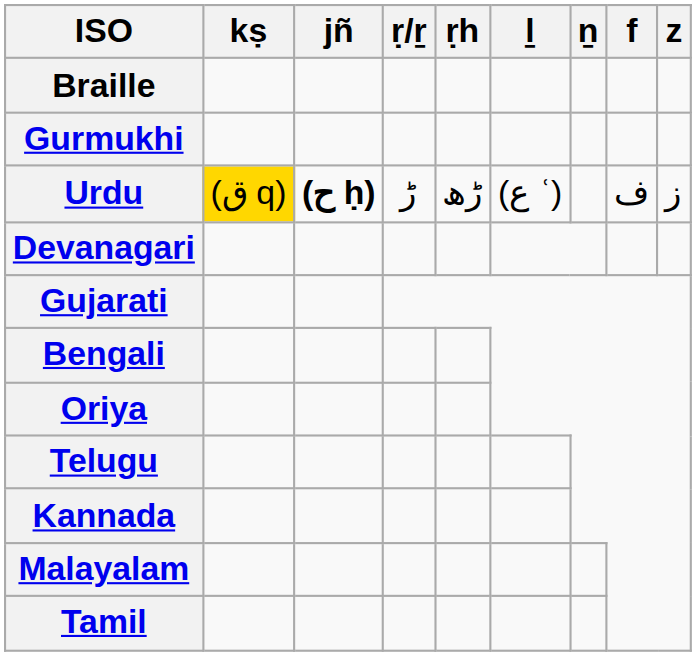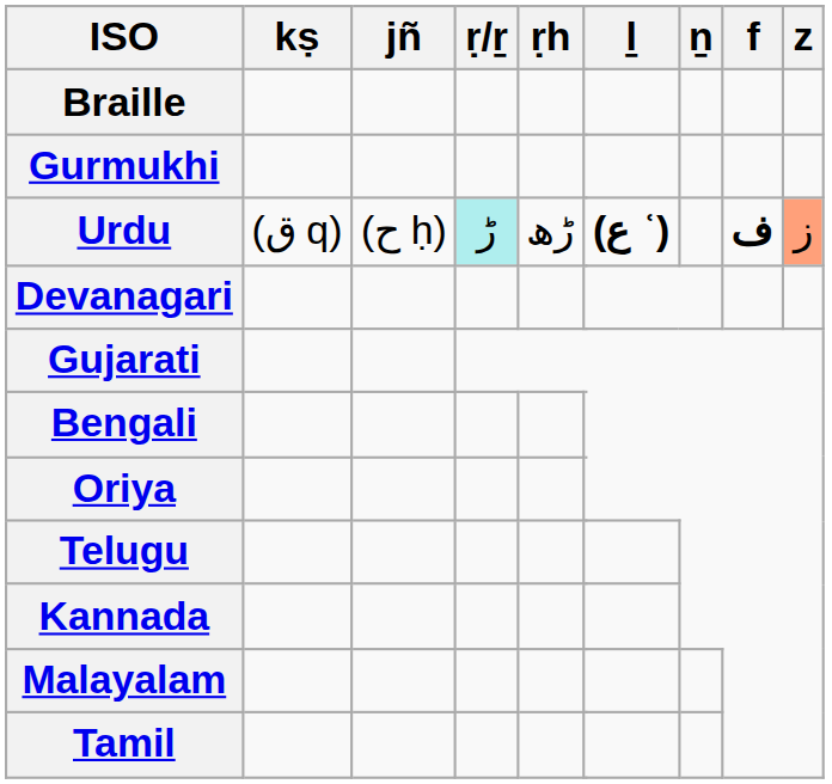 <table class="wikitable Unicode" style="text-align:center;">
 <tr>
 <th>ISO</th>
 <th>kṣ</th>
 <th>jñ</th>
 <th>ṛ/ṟ</th>
 <th colspan=2>ṛh</th>
 <th>ḻ</th>
 <th>ṉ</th>
 <th>f</th>
 <th>z</th>
 </tr>
 <tr>
 <th>Braille</th>
 <td></td>
 <td></td>
 <td></td>
 <td colspan=2></td>
 <td></td>
 <td></td>
 <td></td>
 <td></td>
 </tr>
 <tr>
 <th><a href='#'>Gurmukhi</a></th>
 <td></td>
 <td></td>
 <td></td>
 <td colspan=2></td>
 <td></td>
 <td></td>
 <td></td>
 <td></td>
 </tr>
 <tr>
 <th><a href='#'>Urdu</a></th>
-<td style="background: gold;">(ق‎ q)</td>
-<td><strong>(ح‎ ḥ)</strong></td>
-<td>ڑ</td>
+<td>(ق‎ q)</td>
+<td>(ح‎ ḥ)</td>
+<td style="background: paleturquoise;">ڑ</td>
 <td colspan=2>ڑھ</td>
-<td>(ع‎ ʿ)</td>
+<td><strong>(ع‎ ʿ)</strong></td>
 <td></td>
-<td>ف</td>
-<td>ز</td>
+<td><strong>ف</strong></td>
+<td style="background: lightsalmon;">ز</td>
 </tr>
 <tr>
 <th><a href='#'>Devanagari</a></th>
 <td></td>
 <td></td>
 <td></td>
 <td colspan=2></td>
 <td colspan=2></td>
 <td></td>
 <td></td>
 </tr>
 <tr>
 <th><a href='#'>Gujarati</a></th>
 <td></td>
 <td></td>
 </tr>
 <tr>
 <th><a href='#'>Bengali</a></th>
 <td></td>
 <td></td>
 <td></td>
 <td colspan=2></td>
 </tr>
 <tr>
 <th><a href='#'>Oriya</a></th>
 <td></td>
 <td></td>
 <td></td>
 <td colspan=2></td>
 </tr>
 <tr>
 <th><a href='#'>Telugu</a></th>
 <td></td>
 <td></td>
 <td></td>
 <td colspan=2></td>
 <td></td>
 </tr>
 <tr>
 <th><a href='#'>Kannada</a></th>
 <td></td>
 <td></td>
 <td></td>
 <td colspan=2></td>
 <td></td>
 </tr>
 <tr>
 <th><a href='#'>Malayalam</a></th>
 <td></td>
 <td></td>
 <td></td>
 <td colspan=2></td>
 <td></td>
 <td></td>
 </tr>
 <tr>
 <th><a href='#'>Tamil</a></th>
 <td></td>
 <td></td>
 <td></td>
 <td colspan=2></td>
 <td></td>
 <td></td>
 </tr>
 </table>
